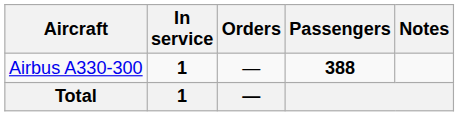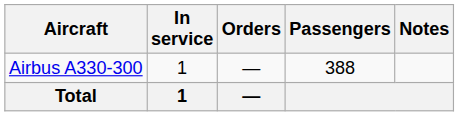 <table class="wikitable" style="margin:0.5em auto; text-align:center">
 <tr>
 <th>Aircraft</th>
 <th>In <br> service</th>
 <th>Orders</th>
 <th>Passengers</th>
 <th>Notes</th>
 </tr>
 <tr>
 <td><a href='#'>Airbus A330-300</a></td>
-<td><strong>1</strong></td>
+<td>1</td>
 <td>—</td>
-<td><strong>388</strong></td>
+<td>388</td>
 <td></td>
 </tr>
 <tr>
 <th>Total</th>
 <th>1</th>
 <th>—</th>
 <th colspan=6></th>
 </tr>
 </table>
